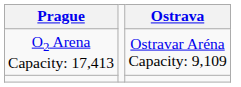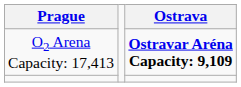 <table class="wikitable" style="text-align:center;">
 <tr>
 <th><a href='#'>Prague</a></th>
 <td rowspan="3"></td>
 <th><a href='#'>Ostrava</a></th>
 </tr>
 <tr>
 <td><a href='#'>O<sub>2</sub> Arena</a><br>Capacity: 17,413 </td>
-<td><a href='#'>Ostravar Aréna</a><br>Capacity: 9,109</td>
+<td><strong><a href='#'>Ostravar Aréna</a><br>Capacity: 9,109</strong></td>
 </tr>
 <tr>
 <td></td>
 <td></td>
 </tr>
 </table>
